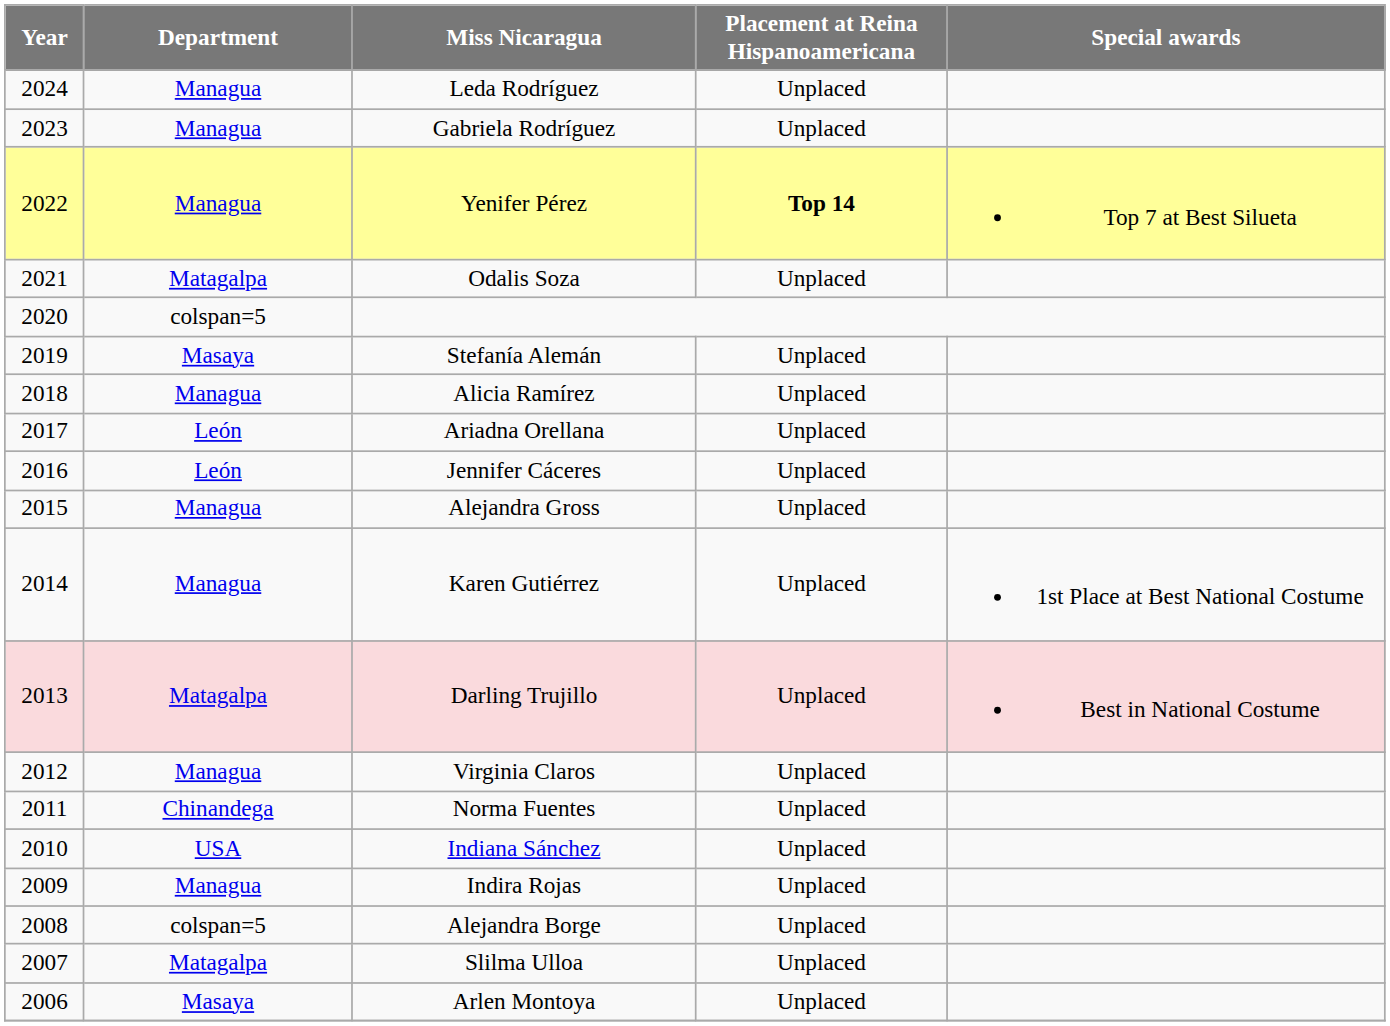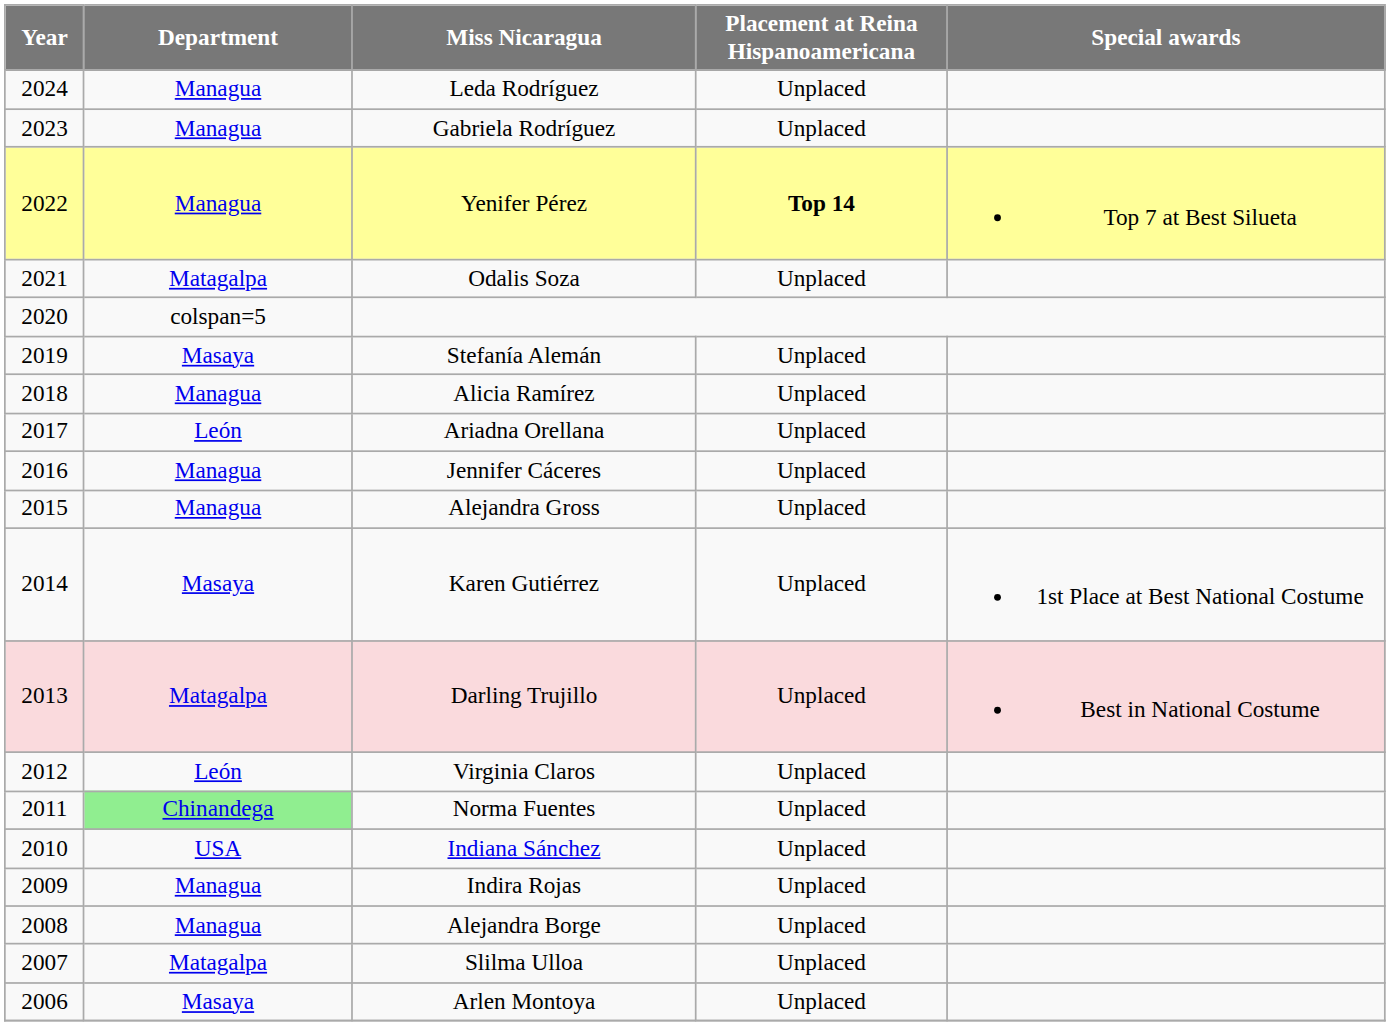 <table class="wikitable " style="font-size: 85%; text-align:center">
 <tr>
 <th width="40" style="background-color:#787878;color:#FFFFFF;">Year</th>
 <th width="150" style="background-color:#787878;color:#FFFFFF;">Department</th>
 <th width="195" style="background-color:#787878;color:#FFFFFF;">Miss Nicaragua</th>
 <th width="140" style="background-color:#787878;color:#FFFFFF;">Placement at Reina Hispanoamericana</th>
 <th width="250" style="background-color:#787878;color:#FFFFFF;">Special awards</th>
 </tr>
 <tr>
 <td>2024</td>
 <td><a href='#'>Managua</a></td>
 <td>Leda Rodríguez</td>
 <td>Unplaced</td>
 <td></td>
 </tr>
 <tr>
 <td>2023</td>
 <td><a href='#'>Managua</a></td>
 <td>Gabriela Rodríguez</td>
 <td>Unplaced</td>
 <td></td>
 </tr>
 <tr style="background-color:#FFFF99">
 <td>2022</td>
 <td><a href='#'>Managua</a></td>
 <td>Yenifer Pérez</td>
 <td><strong>Top 14</strong></td>
 <td><br><ul><li>Top 7 at Best Silueta</li></ul></td>
 </tr>
 <tr>
 <td>2021</td>
 <td><a href='#'>Matagalpa</a></td>
 <td>Odalis Soza</td>
 <td>Unplaced</td>
 <td></td>
 </tr>
 <tr>
 <td>2020</td>
 <td>colspan=5 </td>
 </tr>
 <tr>
 <td>2019</td>
 <td><a href='#'>Masaya</a></td>
 <td>Stefanía Alemán</td>
 <td>Unplaced</td>
 <td></td>
 </tr>
 <tr>
 <td>2018</td>
 <td><a href='#'>Managua</a></td>
 <td>Alicia Ramírez</td>
 <td>Unplaced</td>
 <td></td>
 </tr>
 <tr>
 <td>2017</td>
 <td><a href='#'>León</a></td>
 <td>Ariadna Orellana</td>
 <td>Unplaced</td>
 <td></td>
 </tr>
 <tr>
 <td>2016</td>
-<td><a href='#'>León</a></td>
+<td><a href='#'>Managua</a></td>
 <td>Jennifer Cáceres</td>
 <td>Unplaced</td>
 <td></td>
 </tr>
 <tr>
 <td>2015</td>
 <td><a href='#'>Managua</a></td>
 <td>Alejandra Gross</td>
 <td>Unplaced</td>
 <td></td>
 </tr>
 <tr>
 <td>2014</td>
-<td><a href='#'>Managua</a></td>
+<td><a href='#'>Masaya</a></td>
 <td>Karen Gutiérrez</td>
 <td>Unplaced</td>
 <td><br><ul><li>1st Place at Best National Costume</li></ul></td>
 </tr>
 <tr style="background-color:#FADADD">
 <td>2013</td>
 <td><a href='#'>Matagalpa</a></td>
 <td>Darling Trujillo</td>
 <td>Unplaced</td>
 <td><br><ul><li>Best in National Costume</li></ul></td>
 </tr>
 <tr>
 <td>2012</td>
-<td><a href='#'>Managua</a></td>
+<td><a href='#'>León</a></td>
 <td>Virginia Claros</td>
 <td>Unplaced</td>
 <td></td>
 </tr>
 <tr>
 <td>2011</td>
-<td><a href='#'>Chinandega</a></td>
+<td style="background: lightgreen;"><a href='#'>Chinandega</a></td>
 <td>Norma Fuentes</td>
 <td>Unplaced</td>
 <td></td>
 </tr>
 <tr>
 <td>2010</td>
 <td><a href='#'>USA</a></td>
 <td><a href='#'>Indiana Sánchez</a></td>
 <td>Unplaced</td>
 <td></td>
 </tr>
 <tr>
 <td>2009</td>
 <td><a href='#'>Managua</a></td>
 <td>Indira Rojas</td>
 <td>Unplaced</td>
 <td></td>
 </tr>
 <tr>
 <td>2008</td>
-<td>colspan=5 </td>
+<td><a href='#'>Managua</a></td>
 <td>Alejandra Borge</td>
 <td>Unplaced</td>
 <td></td>
 </tr>
 <tr>
 <td>2007</td>
 <td><a href='#'>Matagalpa</a></td>
 <td>Slilma Ulloa</td>
 <td>Unplaced</td>
 <td></td>
 </tr>
 <tr>
 <td>2006</td>
 <td><a href='#'>Masaya</a></td>
 <td>Arlen Montoya</td>
 <td>Unplaced</td>
 <td></td>
 </tr>
 <tr>
 </tr>
 </table>
